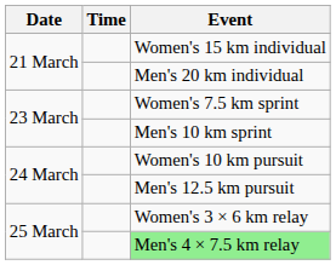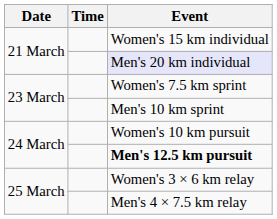 <table class="wikitable">
 <tr>
 <th>Date</th>
 <th>Time</th>
 <th>Event</th>
 </tr>
 <tr>
 <td rowspan=2>21 March</td>
 <td></td>
 <td>Women's 15 km individual</td>
 </tr>
 <tr>
 <td></td>
-<td>Men's 20 km individual</td>
+<td style="background: lavender;">Men's 20 km individual</td>
 </tr>
 <tr>
 <td rowspan=2>23 March</td>
 <td></td>
 <td>Women's 7.5 km sprint</td>
 </tr>
 <tr>
 <td></td>
 <td>Men's 10 km sprint</td>
 </tr>
 <tr>
 <td rowspan=2>24 March</td>
 <td></td>
 <td>Women's 10 km pursuit</td>
 </tr>
 <tr>
 <td></td>
-<td>Men's 12.5 km pursuit</td>
+<td><strong>Men's 12.5 km pursuit</strong></td>
 </tr>
 <tr>
 <td rowspan=2>25 March</td>
 <td></td>
 <td>Women's 3 × 6 km relay</td>
 </tr>
 <tr>
 <td></td>
-<td style="background: lightgreen;">Men's 4 × 7.5 km relay</td>
+<td>Men's 4 × 7.5 km relay</td>
 </tr>
 </table>
